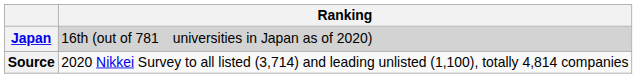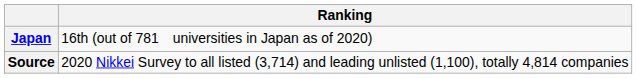 <table class="wikitable">
 <tr>
 <th></th>
 <th>Ranking</th>
 </tr>
 <tr>
 <th><a href='#'>Japan</a></th>
-<td style="background: lightgrey;">16th (out of 781　universities in Japan as of 2020)</td>
+<td>16th (out of 781　universities in Japan as of 2020)</td>
 </tr>
 <tr>
 <th>Source</th>
 <td>2020 <a href='#'>Nikkei</a> Survey to all listed (3,714) and leading unlisted (1,100), totally 4,814 companies</td>
 </tr>
 </table>
